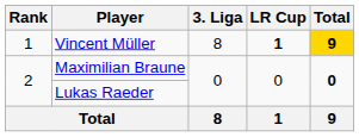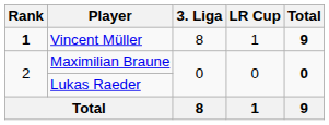 <table class="wikitable" style="text-align: center;">
 <tr>
 <th>Rank</th>
 <th>Player</th>
 <th>3. Liga</th>
 <th>LR Cup</th>
 <th>Total</th>
 </tr>
 <tr>
-<td>1</td>
+<td><strong>1</strong></td>
 <td align=left> <a href='#'>Vincent Müller</a></td>
 <td>8</td>
-<td><strong>1</strong></td>
-<td style="background: gold;"><strong>9</strong></td>
+<td>1</td>
+<td><strong>9</strong></td>
 </tr>
 <tr>
 <td rowspan=2>2</td>
 <td align=left> <a href='#'>Maximilian Braune</a></td>
 <td rowspan=2>0</td>
 <td rowspan=2>0</td>
 <td rowspan=2><strong>0</strong></td>
 </tr>
 <tr>
 <td align=left> <a href='#'>Lukas Raeder</a></td>
 </tr>
 <tr>
 <th colspan=2>Total</th>
 <th>8</th>
 <th>1</th>
 <th>9</th>
 </tr>
 </table>
